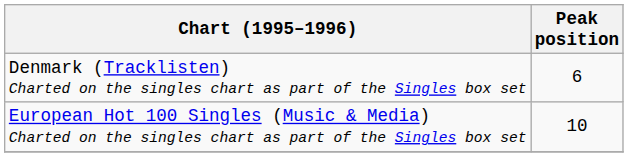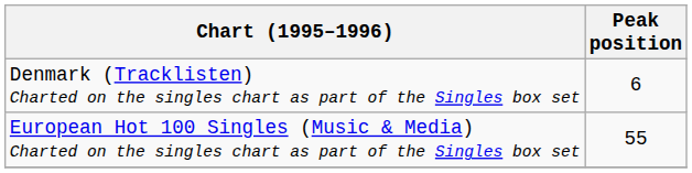 <table class="wikitable sortable">
 <tr>
 <th>Chart (1995–1996)</th>
 <th>Peak<br>position</th>
 </tr>
 <tr>
 <td>Denmark (<a href='#'>Tracklisten</a>)<br><small><em>Charted on the singles chart as part of the <a href='#'>Singles</a> box set</em></small></td>
 <td style="text-align:center;">6</td>
 </tr>
 <tr>
 <td><a href='#'>European Hot 100 Singles</a> (<a href='#'>Music & Media</a>)<br><small><em>Charted on the singles chart as part of the <a href='#'>Singles</a> box set</em></small></td>
-<td style="text-align:center;">10</td>
+<td style="text-align:center;">55</td>
 </tr>
 <tr>
 </tr>
 </table>
